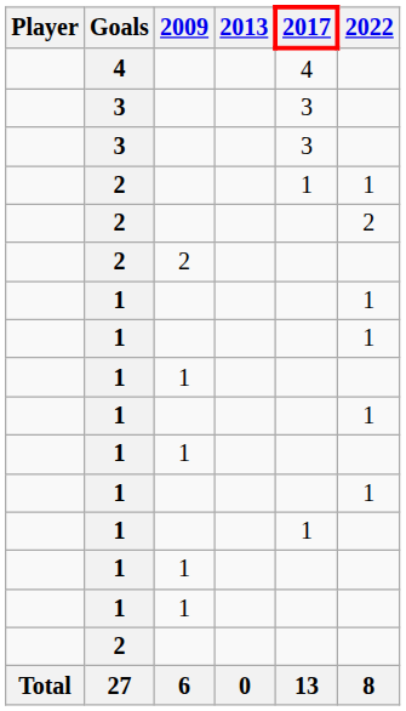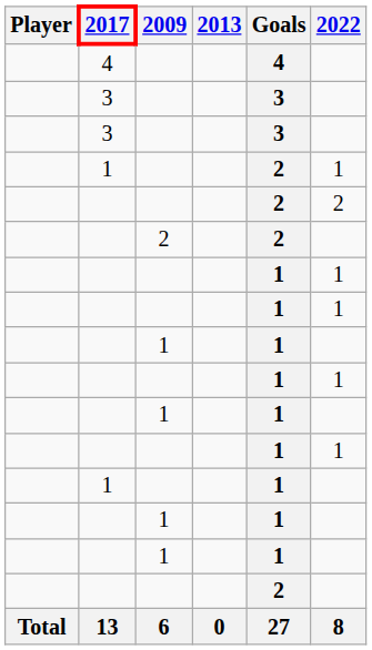 <table class="wikitable sortable" style="text-align:center;">
 <tr>
 <th>Player</th>
-<th>Goals</th>
+<th style="border:3px solid red"><a href='#'>2017</a></th>
 <th><a href='#'>2009</a></th>
 <th><a href='#'>2013</a></th>
-<th style="border:3px solid red"><a href='#'>2017</a></th>
+<th>Goals</th>
 <th><a href='#'>2022</a></th>
 </tr>
 <tr>
 <td align="left"></td>
-<th>4</th>
+<td>4</td>
 <td></td>
 <td></td>
-<td>4</td>
+<th>4</th>
 <td></td>
 </tr>
 <tr>
 <td align="left"></td>
-<th>3</th>
+<td>3</td>
 <td></td>
 <td></td>
-<td>3</td>
+<th>3</th>
 <td></td>
 </tr>
 <tr>
 <td align="left"></td>
-<th>3</th>
+<td>3</td>
 <td></td>
 <td></td>
-<td>3</td>
+<th>3</th>
 <td></td>
 </tr>
 <tr>
 <td align="left"></td>
-<th>2</th>
+<td>1</td>
 <td></td>
 <td></td>
-<td>1</td>
+<th>2</th>
 <td>1</td>
 </tr>
 <tr>
 <td align="left"></td>
-<th>2</th>
 <td></td>
 <td></td>
 <td></td>
+<th>2</th>
 <td>2</td>
 </tr>
 <tr>
 <td align="left"></td>
-<th>2</th>
+<td></td>
 <td>2</td>
 <td></td>
-<td></td>
+<th>2</th>
 <td></td>
 </tr>
 <tr>
 <td align="left"></td>
-<th>1</th>
 <td></td>
 <td></td>
 <td></td>
+<th>1</th>
 <td>1</td>
 </tr>
 <tr>
 <td align="left"></td>
-<th>1</th>
 <td></td>
 <td></td>
 <td></td>
+<th>1</th>
 <td>1</td>
 </tr>
 <tr>
 <td align="left"></td>
-<th>1</th>
+<td></td>
 <td>1</td>
 <td></td>
-<td></td>
+<th>1</th>
 <td></td>
 </tr>
 <tr>
 <td align="left"></td>
-<th>1</th>
 <td></td>
 <td></td>
 <td></td>
+<th>1</th>
 <td>1</td>
 </tr>
 <tr>
 <td align="left"></td>
-<th>1</th>
+<td></td>
 <td>1</td>
 <td></td>
-<td></td>
+<th>1</th>
 <td></td>
 </tr>
 <tr>
 <td align="left"></td>
-<th>1</th>
 <td></td>
 <td></td>
 <td></td>
+<th>1</th>
 <td>1</td>
 </tr>
 <tr>
 <td align="left"></td>
-<th>1</th>
+<td>1</td>
 <td></td>
 <td></td>
-<td>1</td>
+<th>1</th>
 <td></td>
 </tr>
 <tr>
 <td align="left"></td>
-<th>1</th>
+<td></td>
 <td>1</td>
 <td></td>
-<td></td>
+<th>1</th>
 <td></td>
 </tr>
 <tr>
 <td align="left"></td>
-<th>1</th>
+<td></td>
 <td>1</td>
 <td></td>
-<td></td>
+<th>1</th>
 <td></td>
 </tr>
 <tr>
 <td align="left"></td>
-<th>2</th>
 <td></td>
 <td></td>
 <td></td>
+<th>2</th>
 <td></td>
 </tr>
 <tr class="sortbottom">
 <th>Total</th>
-<th>27</th>
+<th>13</th>
 <th>6</th>
 <th>0</th>
-<th>13</th>
+<th>27</th>
 <th>8</th>
 </tr>
 </table>
